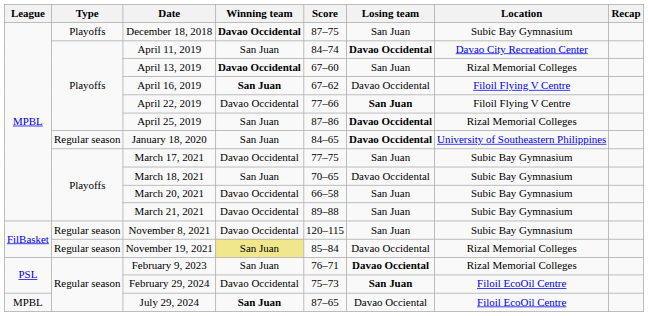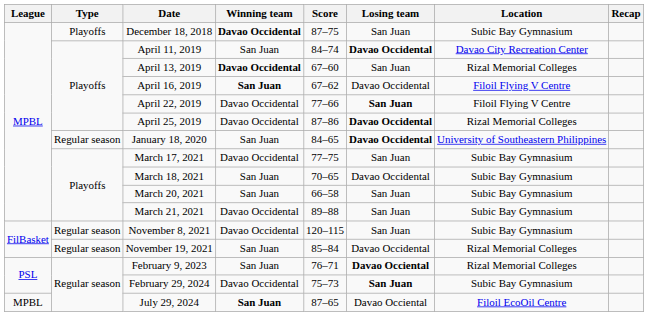 <table class="wikitable sortable" style="text-align:center; font-size:90%">
 <tr>
 <th>League</th>
 <th>Type</th>
 <th>Date</th>
 <th>Winning team</th>
 <th>Score</th>
 <th>Losing team</th>
 <th>Location</th>
 <th class="unsortable">Recap<br></th>
 </tr>
 <tr>
 <td rowspan=11><a href='#'>MPBL</a></td>
 <td>Playoffs</td>
 <td>December 18, 2018</td>
 <td><strong>Davao Occidental</strong></td>
 <td>87–75</td>
 <td>San Juan</td>
 <td>Subic Bay Gymnasium</td>
 <td></td>
 </tr>
 <tr>
 <td rowspan=5>Playoffs</td>
 <td>April 11, 2019</td>
 <td>San Juan</td>
 <td>84–74</td>
 <td><strong>Davao Occidental</strong></td>
 <td><a href='#'>Davao City Recreation Center</a></td>
 <td></td>
 </tr>
 <tr>
 <td>April 13, 2019</td>
 <td><strong>Davao Occidental</strong></td>
 <td>67–60</td>
 <td>San Juan</td>
 <td>Rizal Memorial Colleges</td>
 <td></td>
 </tr>
 <tr>
 <td>April 16, 2019</td>
 <td><strong>San Juan</strong></td>
 <td>67–62</td>
 <td>Davao Occidental</td>
 <td><a href='#'>Filoil Flying V Centre</a></td>
 <td></td>
 </tr>
 <tr>
 <td>April 22, 2019</td>
 <td>Davao Occidental</td>
 <td>77–66</td>
 <td><strong>San Juan</strong></td>
 <td>Filoil Flying V Centre</td>
 <td></td>
 </tr>
 <tr>
 <td>April 25, 2019</td>
-<td>San Juan</td>
+<td>Davao Occidental</td>
 <td>87–86</td>
 <td><strong>Davao Occidental</strong></td>
 <td>Rizal Memorial Colleges</td>
 <td><br></td>
 </tr>
 <tr>
 <td>Regular season</td>
 <td>January 18, 2020</td>
 <td>San Juan</td>
 <td>84–65</td>
 <td><strong>Davao Occidental</strong></td>
 <td><a href='#'>University of Southeastern Philippines</a></td>
 <td></td>
 </tr>
 <tr>
 <td rowspan=4>Playoffs</td>
 <td>March 17, 2021</td>
 <td>Davao Occidental</td>
 <td>77–75</td>
 <td>San Juan</td>
 <td>Subic Bay Gymnasium</td>
 <td></td>
 </tr>
 <tr>
 <td>March 18, 2021</td>
 <td>San Juan</td>
 <td>70–65</td>
 <td>Davao Occidental</td>
 <td>Subic Bay Gymnasium</td>
 <td></td>
 </tr>
 <tr>
 <td>March 20, 2021</td>
-<td>Davao Occidental</td>
+<td>San Juan</td>
 <td>66–58</td>
 <td>San Juan</td>
 <td>Subic Bay Gymnasium</td>
 <td></td>
 </tr>
 <tr>
 <td>March 21, 2021</td>
 <td>Davao Occidental</td>
 <td>89–88</td>
 <td>San Juan</td>
 <td>Subic Bay Gymnasium</td>
 <td><br></td>
 </tr>
 <tr>
 <td rowspan=2><a href='#'>FilBasket</a></td>
 <td>Regular season</td>
 <td>November 8, 2021</td>
 <td>Davao Occidental</td>
 <td>120–115</td>
 <td>San Juan</td>
 <td>Subic Bay Gymnasium</td>
 <td></td>
 </tr>
 <tr>
 <td>Regular season</td>
 <td>November 19, 2021</td>
-<td style="background: khaki;">San Juan</td>
+<td>San Juan</td>
 <td>85–84</td>
 <td>Davao Occidental</td>
 <td>Rizal Memorial Colleges</td>
 <td><br></td>
 </tr>
 <tr>
 <td rowspan=2><a href='#'>PSL</a></td>
 <td rowspan=3>Regular season</td>
 <td>February 9, 2023</td>
 <td>San Juan</td>
 <td>76–71</td>
 <td><strong>Davao Occiental</strong></td>
 <td>Rizal Memorial Colleges</td>
 <td><br></td>
 </tr>
 <tr>
 <td>February 29, 2024</td>
 <td>Davao Occidental</td>
 <td>75–73</td>
 <td><strong>San Juan</strong></td>
-<td><a href='#'>Filoil EcoOil Centre</a></td>
+<td>Subic Bay Gymnasium</td>
 <td><br></td>
 </tr>
 <tr>
 <td>MPBL</td>
 <td>July 29, 2024</td>
 <td><strong>San Juan</strong></td>
 <td>87–65</td>
 <td>Davao Occiental</td>
 <td><a href='#'>Filoil EcoOil Centre</a></td>
 <td></td>
 </tr>
 </table>
